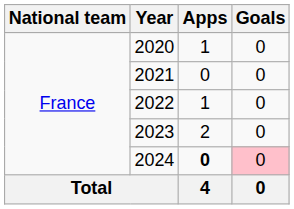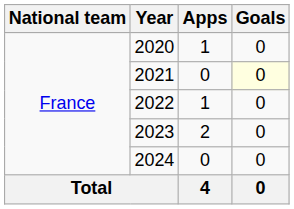 <table class="wikitable" style="text-align:center">
 <tr>
 <th>National team</th>
 <th>Year</th>
 <th>Apps</th>
 <th>Goals</th>
 </tr>
 <tr>
 <td rowspan=5><a href='#'>France</a></td>
 <td>2020</td>
 <td>1</td>
 <td>0</td>
 </tr>
 <tr>
 <td>2021</td>
 <td>0</td>
-<td>0</td>
+<td style="background: lightyellow;">0</td>
 </tr>
 <tr>
 <td>2022</td>
 <td>1</td>
 <td>0</td>
 </tr>
 <tr>
 <td>2023</td>
 <td>2</td>
 <td>0</td>
 </tr>
 <tr>
 <td>2024</td>
-<td><strong>0</strong></td>
-<td style="background: pink;">0</td>
+<td>0</td>
+<td>0</td>
 </tr>
 <tr>
 <th colspan=2>Total</th>
 <th>4</th>
 <th>0</th>
 </tr>
 </table>
